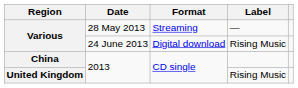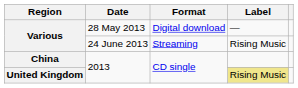 <table class="wikitable plainrowheaders">
 <tr>
 <th scope="col">Region</th>
 <th scope="col">Date</th>
 <th scope="col">Format</th>
 <th scope="col">Label</th>
 <th scope="col"></th>
 </tr>
 <tr>
 <th scope="row" rowspan="2">Various</th>
 <td>28 May 2013</td>
-<td><a href='#'>Streaming</a></td>
+<td><a href='#'>Digital download</a></td>
 <td>—</td>
 <td></td>
 </tr>
 <tr>
 <td>24 June 2013</td>
-<td><a href='#'>Digital download</a></td>
+<td><a href='#'>Streaming</a></td>
 <td>Rising Music</td>
 <td></td>
 </tr>
 <tr>
 <th scope="row">China</th>
 <td rowspan="2">2013</td>
 <td rowspan="2"><a href='#'>CD single</a></td>
 <td></td>
 <td></td>
 </tr>
 <tr>
 <th scope="row">United Kingdom</th>
-<td>Rising Music</td>
+<td style="background: khaki;">Rising Music</td>
 <td></td>
 </tr>
 </table>
